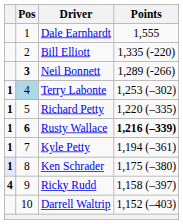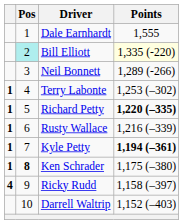 <table class="wikitable" style="font-size: 95%;">
 <tr>
 <th></th>
 <th>Pos</th>
 <th>Driver</th>
 <th>Points</th>
 </tr>
 <tr>
 <td align="left"></td>
 <td style="text-align:center;">1</td>
 <td><a href='#'>Dale Earnhardt</a></td>
 <td style="text-align:center;">1,555</td>
 </tr>
 <tr>
 <td align="left"></td>
-<td style="text-align:center;">2</td>
+<td style="background: paleturquoise; text-align:center;">2</td>
 <td><a href='#'>Bill Elliott</a></td>
-<td style="text-align:center;">1,335 (-220)</td>
+<td style="background: lightyellow; text-align:center;">1,335 (-220)</td>
 </tr>
 <tr>
 <td align="left"></td>
-<td style="text-align:center;"><strong>3</strong></td>
+<td style="text-align:center;">3</td>
 <td><a href='#'>Neil Bonnett</a></td>
 <td style="text-align:center;">1,289 (-266)</td>
 </tr>
 <tr>
 <td align="left">  <strong>1</strong></td>
-<td style="background: lightblue; text-align:center;">4</td>
+<td style="text-align:center;">4</td>
 <td><a href='#'>Terry Labonte</a></td>
 <td style="text-align:center;">1,253 (–302)</td>
 </tr>
 <tr>
 <td align="left">  <strong>1</strong></td>
 <td style="text-align:center;">5</td>
 <td><a href='#'>Richard Petty</a></td>
-<td style="text-align:center;">1,220 (–335)</td>
+<td style="text-align:center;"><strong>1,220 (–335)</strong></td>
 </tr>
 <tr>
 <td align="left">  <strong>1</strong></td>
-<td style="text-align:center;"><strong>6</strong></td>
+<td style="text-align:center;">6</td>
 <td><a href='#'>Rusty Wallace</a></td>
-<td style="text-align:center;"><strong>1,216 (–339)</strong></td>
+<td style="text-align:center;">1,216 (–339)</td>
 </tr>
 <tr>
 <td align="left">  <strong>1</strong></td>
 <td style="text-align:center;">7</td>
 <td><a href='#'>Kyle Petty</a></td>
-<td style="text-align:center;">1,194 (–361)</td>
+<td style="text-align:center;"><strong>1,194 (–361)</strong></td>
 </tr>
 <tr>
-<td align="left" style="background: lavender;">  <strong>1</strong></td>
-<td style="text-align:center;">8</td>
+<td align="left">  <strong>1</strong></td>
+<td style="text-align:center;"><strong>8</strong></td>
 <td><a href='#'>Ken Schrader</a></td>
 <td style="text-align:center;">1,175 (–380)</td>
 </tr>
 <tr>
 <td align="left">  <strong>4</strong></td>
 <td style="text-align:center;">9</td>
 <td><a href='#'>Ricky Rudd</a></td>
 <td style="text-align:center;">1,158 (–397)</td>
 </tr>
 <tr>
 <td align="left"></td>
 <td style="text-align:center;">10</td>
 <td><a href='#'>Darrell Waltrip</a></td>
 <td style="text-align:center;">1,152 (–403)</td>
 </tr>
 <tr class="sortbottom">
 <th colspan="9"></th>
 </tr>
 </table>
